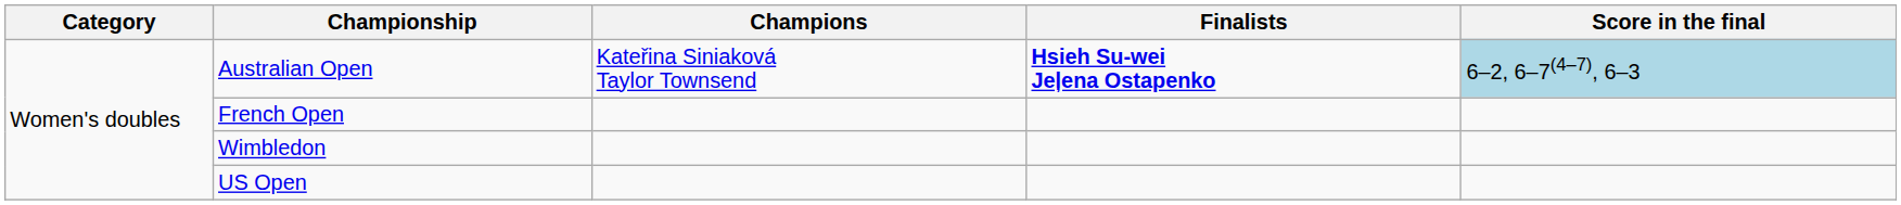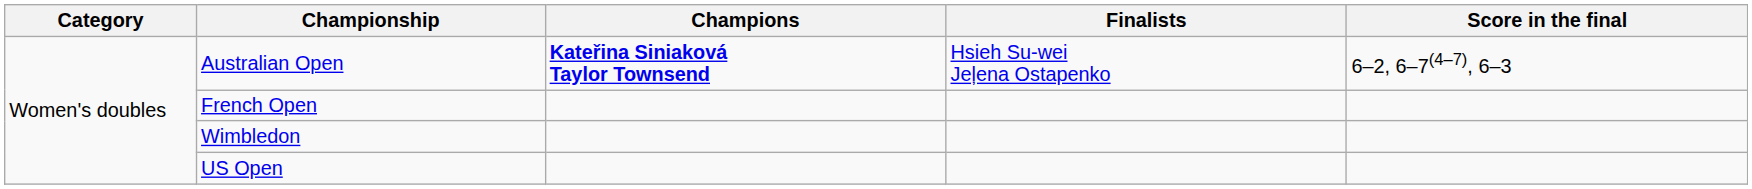 <table class="wikitable" style="font-size:90%;" width="100%">
 <tr>
 <th style="width: 11%;">Category</th>
 <th style="width: 20%;">Championship</th>
 <th style="width: 23%;">Champions</th>
 <th style="width: 23%;">Finalists</th>
 <th style="width: 23%;">Score in the final</th>
 </tr>
 <tr>
 <td rowspan="4">Women's doubles</td>
 <td><a href='#'>Australian Open</a></td>
-<td> <a href='#'>Kateřina Siniaková</a> <br>  <a href='#'>Taylor Townsend</a></td>
-<td><strong> <a href='#'>Hsieh Su-wei</a> <br>  <a href='#'>Jeļena Ostapenko</a></strong></td>
-<td style="background: lightblue;">6–2, 6–7<sup>(4–7)</sup>, 6–3 </td>
+<td><strong> <a href='#'>Kateřina Siniaková</a> <br>  <a href='#'>Taylor Townsend</a></strong></td>
+<td> <a href='#'>Hsieh Su-wei</a> <br>  <a href='#'>Jeļena Ostapenko</a></td>
+<td>6–2, 6–7<sup>(4–7)</sup>, 6–3 </td>
 </tr>
 <tr>
 <td><a href='#'>French Open</a></td>
 <td></td>
 <td></td>
 <td></td>
 </tr>
 <tr>
 <td><a href='#'>Wimbledon</a></td>
 <td></td>
 <td></td>
 <td></td>
 </tr>
 <tr>
 <td><a href='#'>US Open</a></td>
 <td></td>
 <td></td>
 <td></td>
 </tr>
 </table>
